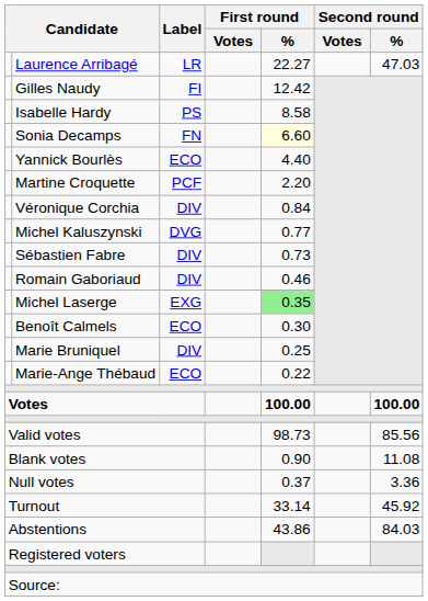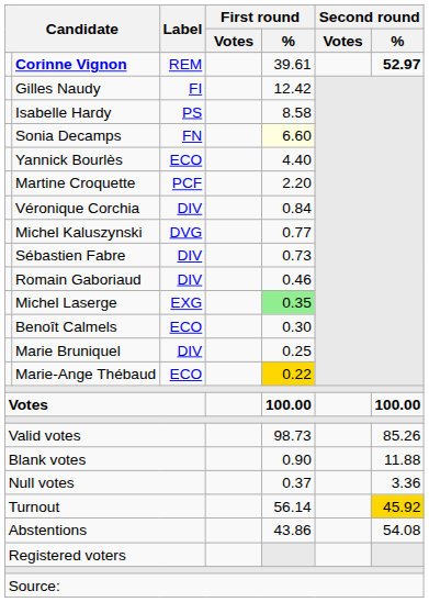 <table class="wikitable" style="text-align:right;font-size:95%;">
 <tr>
 <th rowspan="2" colspan="2">Candidate</th>
 <th rowspan="2">Label</th>
 <th colspan="2">First round</th>
 <th colspan="2">Second round</th>
 </tr>
 <tr>
 <th style="width:50px;">Votes</th>
 <th style="width:45px;">%</th>
 <th style="width:50px;">Votes</th>
 <th style="width:45px;">%</th>
 </tr>
 <tr>
 <td style="color:inherit;background:"></td>
-<td style="text-align:left;"><a href='#'>Laurence Arribagé</a></td>
-<td><a href='#'>LR</a></td>
+<td style="text-align:left;"><strong><a href='#'>Corinne Vignon</a></strong></td>
+<td><a href='#'>REM</a></td>
 <td></td>
-<td>22.27</td>
-<td></td>
-<td>47.03</td>
+<td>39.61</td>
+<td><strong></strong></td>
+<td><strong>52.97</strong></td>
 </tr>
 <tr>
 <td style="color:inherit;background:"></td>
 <td style="text-align:left;">Gilles Naudy</td>
 <td><a href='#'>FI</a></td>
 <td></td>
 <td>12.42</td>
 <td colspan="2" rowspan="13" style="background:#E9E9E9;"></td>
 </tr>
 <tr>
 <td style="color:inherit;background:"></td>
 <td style="text-align:left;">Isabelle Hardy</td>
 <td><a href='#'>PS</a></td>
 <td></td>
 <td>8.58</td>
 </tr>
 <tr>
 <td style="color:inherit;background:"></td>
 <td style="text-align:left;">Sonia Decamps</td>
 <td><a href='#'>FN</a></td>
 <td></td>
 <td style="background: lightyellow;">6.60</td>
 </tr>
 <tr>
 <td style="color:inherit;background:"></td>
 <td style="text-align:left;">Yannick Bourlès</td>
 <td><a href='#'>ECO</a></td>
 <td></td>
 <td>4.40</td>
 </tr>
 <tr>
 <td style="color:inherit;background:"></td>
 <td style="text-align:left;">Martine Croquette</td>
 <td><a href='#'>PCF</a></td>
 <td></td>
 <td>2.20</td>
 </tr>
 <tr>
 <td style="color:inherit;background:"></td>
 <td style="text-align:left;">Véronique Corchia</td>
 <td><a href='#'>DIV</a></td>
 <td></td>
 <td>0.84</td>
 </tr>
 <tr>
 <td style="color:inherit;background:"></td>
 <td style="text-align:left;">Michel Kaluszynski</td>
 <td><a href='#'>DVG</a></td>
 <td></td>
 <td>0.77</td>
 </tr>
 <tr>
 <td style="color:inherit;background:"></td>
 <td style="text-align:left;">Sébastien Fabre</td>
 <td><a href='#'>DIV</a></td>
 <td></td>
 <td>0.73</td>
 </tr>
 <tr>
 <td style="color:inherit;background:"></td>
 <td style="text-align:left;">Romain Gaboriaud</td>
 <td><a href='#'>DIV</a></td>
 <td></td>
 <td>0.46</td>
 </tr>
 <tr>
 <td style="color:inherit;background:"></td>
 <td style="text-align:left;">Michel Laserge</td>
 <td><a href='#'>EXG</a></td>
 <td></td>
 <td style="background: lightgreen;">0.35</td>
 </tr>
 <tr>
 <td style="color:inherit;background:"></td>
 <td style="text-align:left;">Benoît Calmels</td>
 <td><a href='#'>ECO</a></td>
 <td></td>
 <td>0.30</td>
 </tr>
 <tr>
 <td style="color:inherit;background:"></td>
 <td style="text-align:left;">Marie Bruniquel</td>
 <td><a href='#'>DIV</a></td>
 <td></td>
 <td>0.25</td>
 </tr>
 <tr>
 <td style="color:inherit;background:"></td>
 <td style="text-align:left;">Marie-Ange Thébaud</td>
 <td><a href='#'>ECO</a></td>
 <td></td>
-<td>0.22</td>
+<td style="background: gold;">0.22</td>
 </tr>
 <tr>
 <td colspan="7" style="background:#E9E9E9;"></td>
 </tr>
 <tr style="font-weight:bold;">
 <td colspan="3" style="text-align:left;">Votes</td>
 <td></td>
 <td>100.00</td>
 <td></td>
 <td>100.00</td>
 </tr>
 <tr>
 <td colspan="7" style="background:#E9E9E9;"></td>
 </tr>
 <tr>
 <td colspan="3" style="text-align:left;">Valid votes</td>
 <td></td>
 <td>98.73</td>
 <td></td>
-<td>85.56</td>
+<td>85.26</td>
 </tr>
 <tr>
 <td colspan="3" style="text-align:left;">Blank votes</td>
 <td></td>
 <td>0.90</td>
 <td></td>
-<td>11.08</td>
+<td>11.88</td>
 </tr>
 <tr>
 <td colspan="3" style="text-align:left;">Null votes</td>
 <td></td>
 <td>0.37</td>
 <td></td>
 <td>3.36</td>
 </tr>
 <tr>
 <td colspan="3" style="text-align:left;">Turnout</td>
 <td></td>
-<td>33.14</td>
+<td>56.14</td>
 <td></td>
-<td>45.92</td>
+<td style="background: gold;">45.92</td>
 </tr>
 <tr>
 <td colspan="3" style="text-align:left;">Abstentions</td>
 <td></td>
 <td>43.86</td>
 <td></td>
-<td>84.03</td>
+<td>54.08</td>
 </tr>
 <tr>
 <td colspan="3" style="text-align:left;">Registered voters</td>
 <td></td>
 <td style="color:inherit;background:#E9E9E9;"></td>
 <td></td>
 <td style="color:inherit;background:#E9E9E9;"></td>
 </tr>
 <tr>
 <td colspan="7" style="background:#E9E9E9;"></td>
 </tr>
 <tr>
 <td colspan="7" style="text-align:left;">Source: </td>
 </tr>
 </table>
